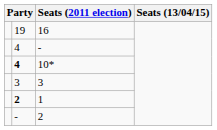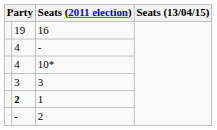 <table class="wikitable">
 <tr>
 <th colspan=2>Party</th>
 <th>Seats (<a href='#'>2011 election</a>)</th>
 <th>Seats (13/04/15)</th>
 </tr>
 <tr>
 <td></td>
 <td>19</td>
 <td>16</td>
 </tr>
 <tr>
 <td></td>
 <td>4</td>
 <td>-</td>
 </tr>
 <tr>
 <td></td>
-<td><strong>4</strong></td>
+<td>4</td>
 <td>10*</td>
 </tr>
 <tr>
 <td></td>
 <td>3</td>
 <td>3</td>
 </tr>
 <tr>
 <td></td>
 <td><strong>2</strong></td>
 <td>1</td>
 </tr>
 <tr>
 <td></td>
 <td>-</td>
 <td>2</td>
 </tr>
 </table>
